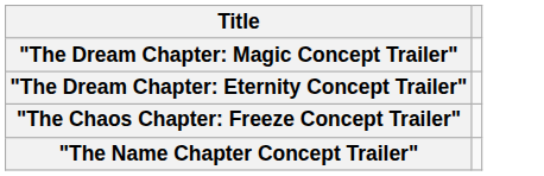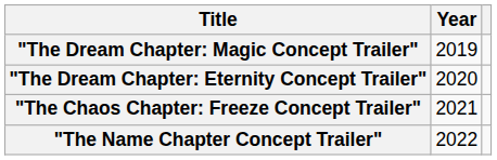 <table class="wikitable plainrowheaders" style="text-align:center; table-layout:fixed; margin-right:0">
 <tr>
 <th scope="col">Title</th>
+<th scope="col">Year</th>
 <th scope="col"></th>
 </tr>
 <tr>
 <th scope="row">"The Dream Chapter: Magic Concept Trailer"</th>
+<td>2019</td>
 <td></td>
 </tr>
 <tr>
 <th scope="row">"The Dream Chapter: Eternity Concept Trailer"</th>
+<td>2020</td>
 <td></td>
 </tr>
 <tr>
 <th scope="row">"The Chaos Chapter: Freeze Concept Trailer"</th>
+<td>2021</td>
 <td></td>
 </tr>
 <tr>
 <th scope="row">"The Name Chapter Concept Trailer"</th>
+<td>2022</td>
 <td></td>
 </tr>
 </table>
